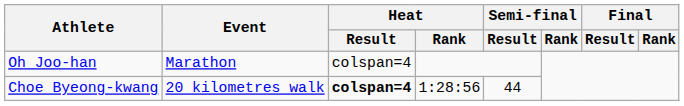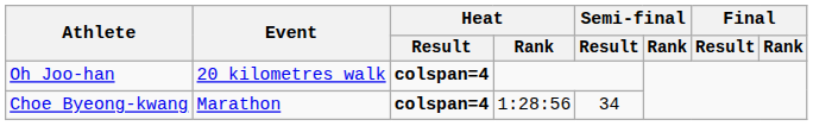 <table class="wikitable" style="font-size:90%">
 <tr>
 <th rowspan="2">Athlete</th>
 <th rowspan="2">Event</th>
 <th colspan="2">Heat</th>
 <th colspan="2">Semi-final</th>
 <th colspan="2">Final</th>
 </tr>
 <tr style="font-size:95%">
 <th>Result</th>
 <th>Rank</th>
 <th>Result</th>
 <th>Rank</th>
 <th>Result</th>
 <th>Rank</th>
 </tr>
 <tr style=text-align:center>
 <td style=text-align:left><a href='#'>Oh Joo-han</a></td>
-<td style=text-align:left><a href='#'>Marathon</a></td>
-<td>colspan=4</td>
+<td style=text-align:left><a href='#'>20 kilometres walk</a></td>
+<td><strong>colspan=4</strong></td>
 <td colspan=2></td>
 </tr>
 <tr style=text-align:center>
 <td style=text-align:left><a href='#'>Choe Byeong-kwang</a></td>
-<td style=text-align:left><a href='#'>20 kilometres walk</a></td>
+<td style=text-align:left><a href='#'>Marathon</a></td>
 <td><strong>colspan=4</strong></td>
 <td>1:28:56</td>
-<td>44</td>
+<td>34</td>
 </tr>
 </table>
